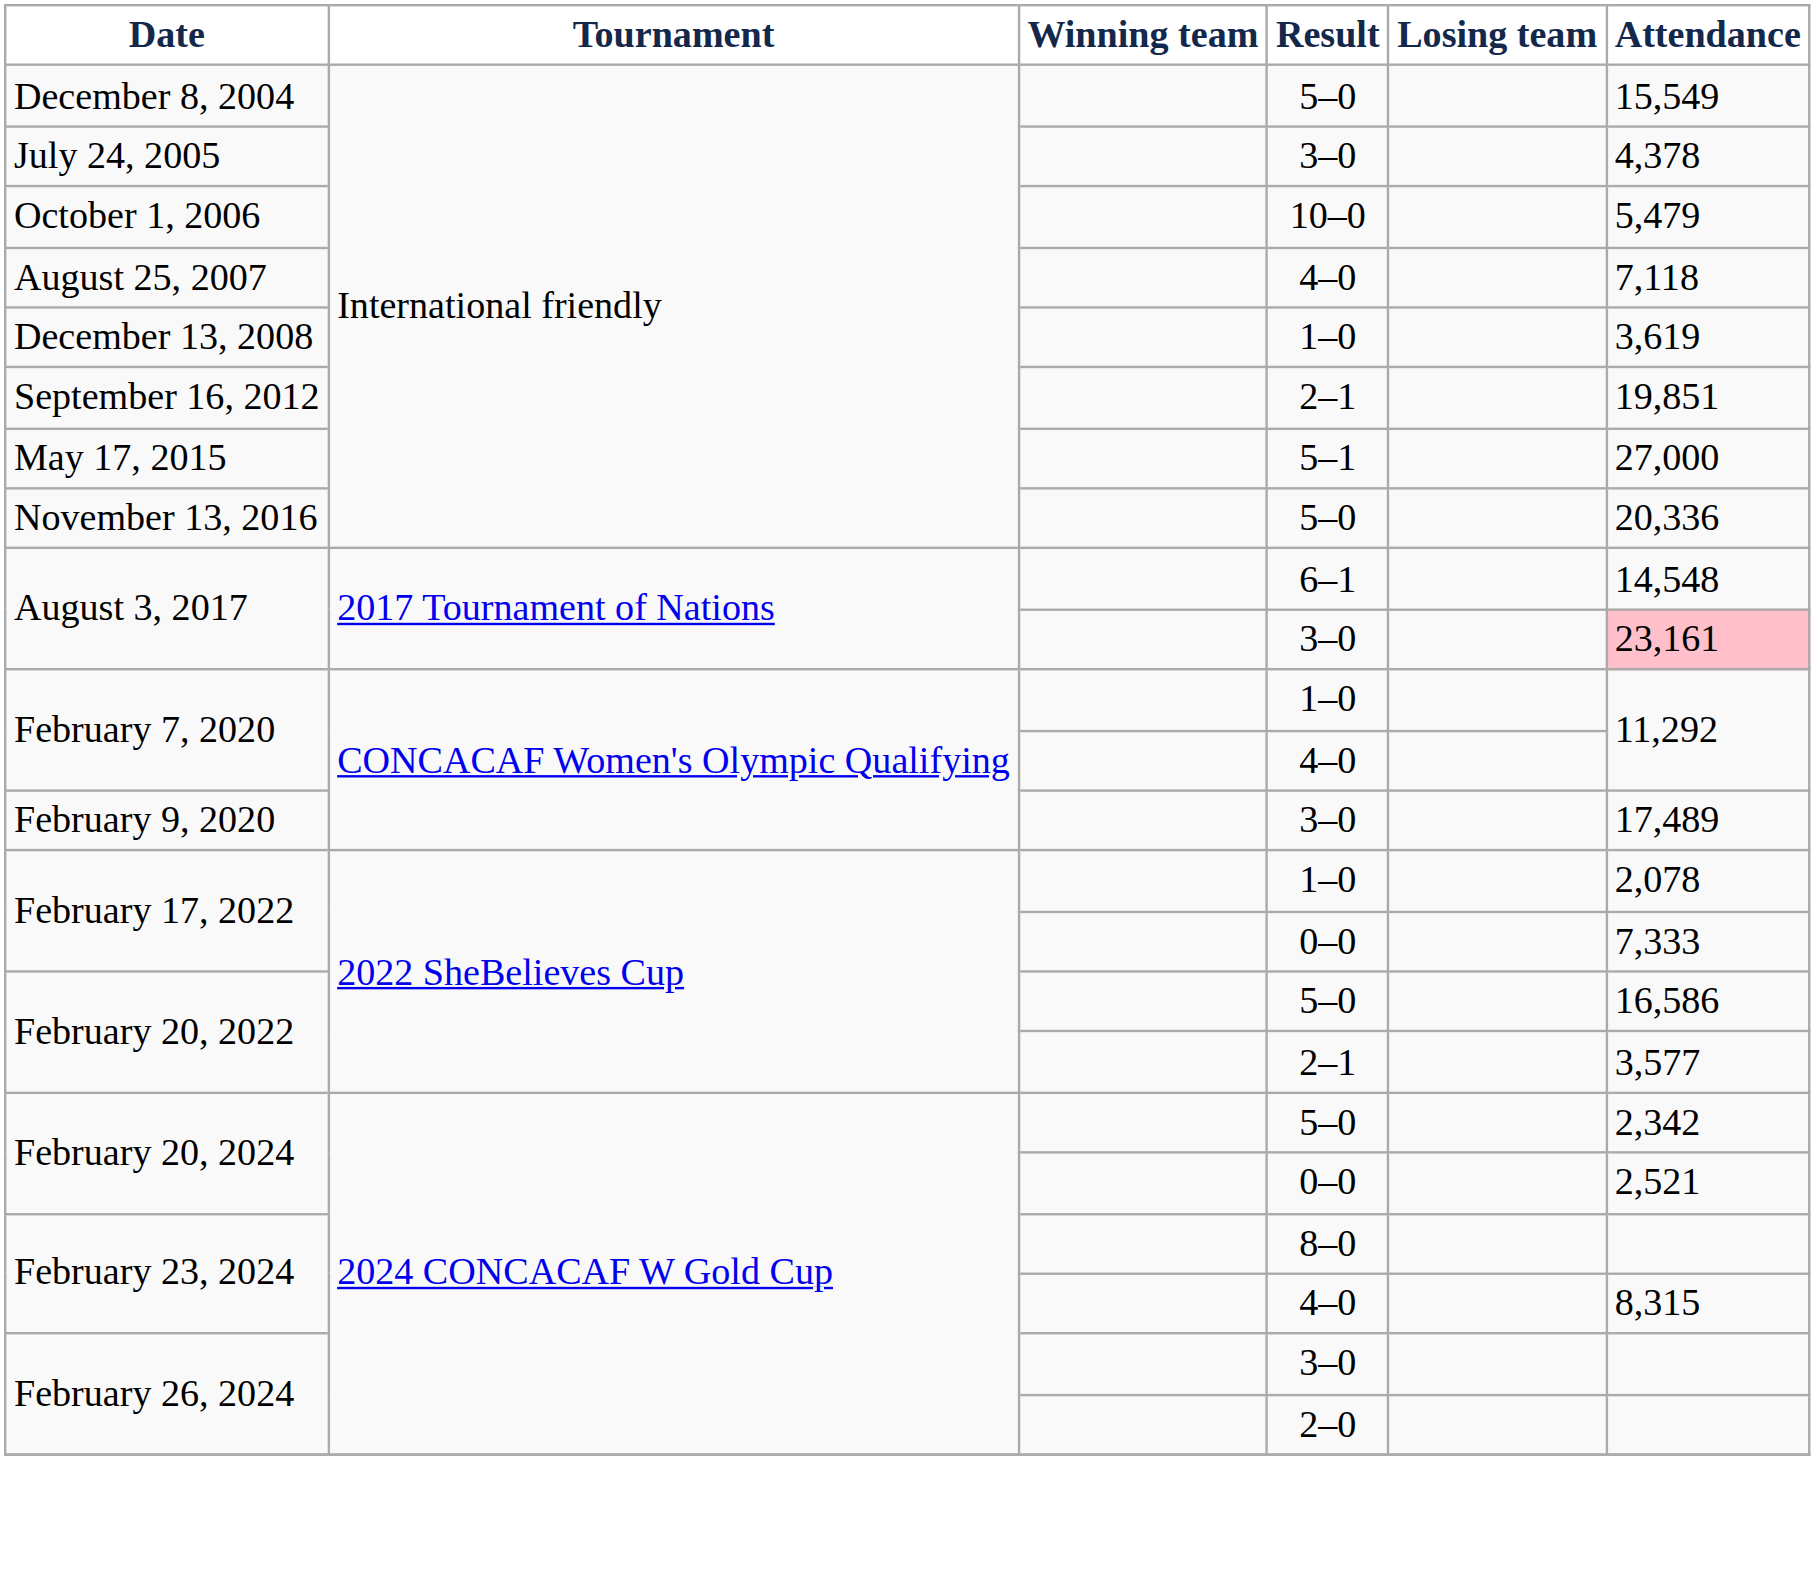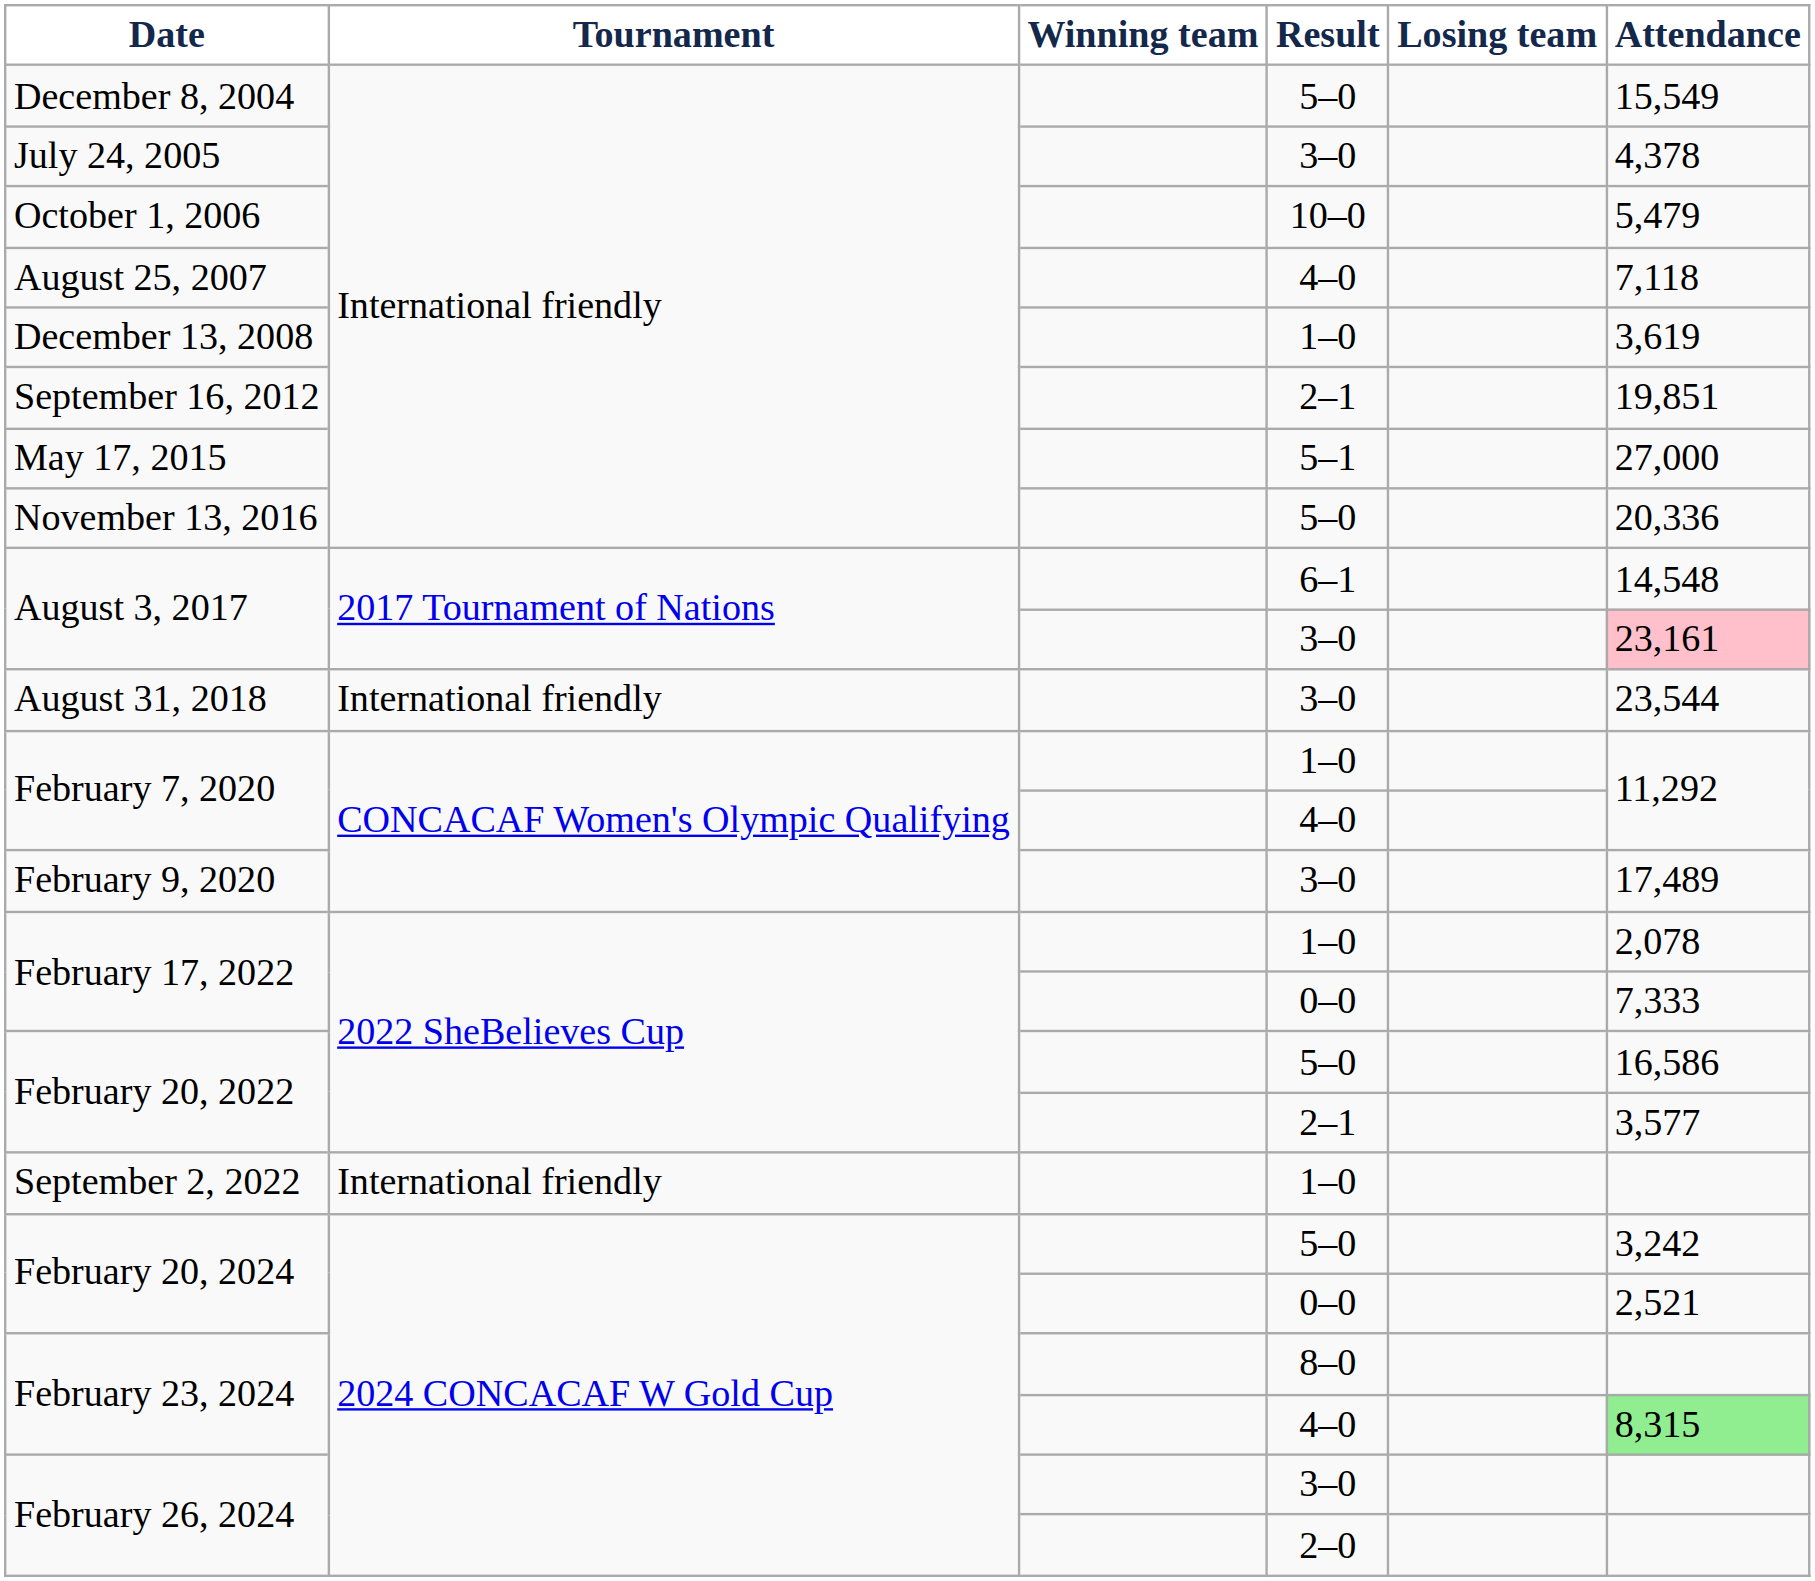 <table class="wikitable">
 <tr>
 <th style="text-align:center; background:#FFFFFF; color:#13284B; ">Date</th>
 <th style="text-align:center; background:#FFFFFF; color:#13284B; ">Tournament</th>
 <th style="text-align:center; background:#FFFFFF; color:#13284B; ">Winning team</th>
 <th style="text-align:center; background:#FFFFFF; color:#13284B; ">Result</th>
 <th style="text-align:center; background:#FFFFFF; color:#13284B; ">Losing team</th>
 <th style="text-align:center; background:#FFFFFF; color:#13284B; ">Attendance</th>
 </tr>
 <tr>
 <td>December 8, 2004</td>
 <td rowspan="8">International friendly</td>
 <td></td>
 <td align=center>5–0</td>
 <td></td>
 <td>15,549</td>
 </tr>
 <tr>
 <td>July 24, 2005</td>
 <td></td>
 <td align=center>3–0</td>
 <td></td>
 <td>4,378</td>
 </tr>
 <tr>
 <td>October 1, 2006</td>
 <td></td>
 <td align=center>10–0</td>
 <td></td>
 <td>5,479</td>
 </tr>
 <tr>
 <td>August 25, 2007</td>
 <td></td>
 <td align=center>4–0</td>
 <td></td>
 <td>7,118</td>
 </tr>
 <tr>
 <td>December 13, 2008</td>
 <td></td>
 <td align=center>1–0</td>
 <td></td>
 <td>3,619</td>
 </tr>
 <tr>
 <td>September 16, 2012</td>
 <td></td>
 <td align=center>2–1</td>
 <td></td>
 <td>19,851</td>
 </tr>
 <tr>
 <td>May 17, 2015</td>
 <td></td>
 <td align=center>5–1</td>
 <td></td>
 <td>27,000</td>
 </tr>
 <tr>
 <td>November 13, 2016</td>
 <td></td>
 <td align=center>5–0</td>
 <td></td>
 <td>20,336</td>
 </tr>
 <tr>
 <td rowspan="2">August 3, 2017</td>
 <td rowspan="2"><a href='#'>2017 Tournament of Nations</a></td>
 <td></td>
 <td align=center>6–1</td>
 <td></td>
 <td>14,548</td>
 </tr>
 <tr>
 <td></td>
 <td align=center>3–0</td>
 <td></td>
 <td style="background: pink;">23,161</td>
 </tr>
 <tr>
+<td>August 31, 2018</td>
+<td>International friendly</td>
+<td></td>
+<td align=center>3–0</td>
+<td></td>
+<td>23,544</td>
+</tr>
+<tr>
 <td rowspan="2">February 7, 2020</td>
 <td rowspan="3"><a href='#'>CONCACAF Women's Olympic Qualifying</a></td>
 <td></td>
 <td align=center>1–0</td>
 <td></td>
 <td rowspan="2">11,292</td>
 </tr>
 <tr>
 <td></td>
 <td align=center>4–0</td>
 <td></td>
 </tr>
 <tr>
 <td>February 9, 2020</td>
 <td></td>
 <td align=center>3–0</td>
 <td></td>
 <td>17,489</td>
 </tr>
 <tr>
 <td rowspan="2">February 17, 2022</td>
 <td rowspan="4"><a href='#'>2022 SheBelieves Cup</a></td>
 <td></td>
 <td align=center>1–0</td>
 <td></td>
 <td>2,078</td>
 </tr>
 <tr>
 <td></td>
 <td align=center>0–0</td>
 <td></td>
 <td>7,333</td>
 </tr>
 <tr>
 <td rowspan="2">February 20, 2022</td>
 <td></td>
 <td align=center>5–0</td>
 <td></td>
 <td>16,586</td>
 </tr>
 <tr>
 <td></td>
 <td align=center>2–1</td>
 <td></td>
 <td>3,577</td>
 </tr>
 <tr>
+<td>September 2, 2022</td>
+<td>International friendly</td>
+<td></td>
+<td align=center>1–0</td>
+<td></td>
+<td></td>
+</tr>
+<tr>
 <td rowspan="2">February 20, 2024</td>
 <td rowspan="6"><a href='#'>2024 CONCACAF W Gold Cup</a></td>
 <td></td>
 <td align=center>5–0</td>
 <td></td>
-<td>2,342</td>
+<td>3,242</td>
 </tr>
 <tr>
 <td></td>
 <td align=center>0–0</td>
 <td></td>
 <td>2,521</td>
 </tr>
 <tr>
 <td rowspan="2">February 23, 2024</td>
 <td></td>
 <td align=center>8–0</td>
 <td></td>
 <td></td>
 </tr>
 <tr>
 <td></td>
 <td align=center>4–0</td>
 <td></td>
-<td>8,315</td>
+<td style="background: lightgreen;">8,315</td>
 </tr>
 <tr>
 <td rowspan="2">February 26, 2024</td>
 <td></td>
 <td align=center>3–0</td>
 <td></td>
 <td></td>
 </tr>
 <tr>
 <td></td>
 <td align=center>2–0</td>
 <td></td>
 <td></td>
 </tr>
 <tr>
 </tr>
 </table>
